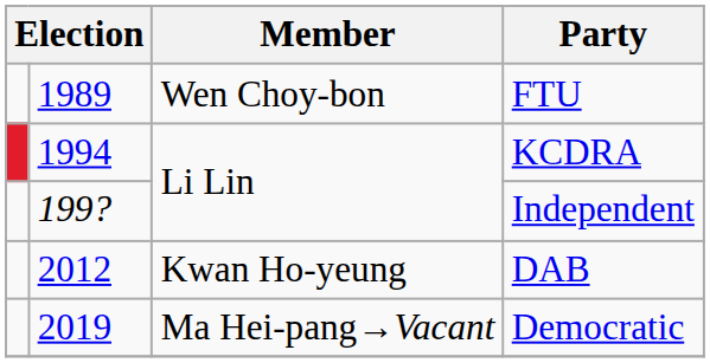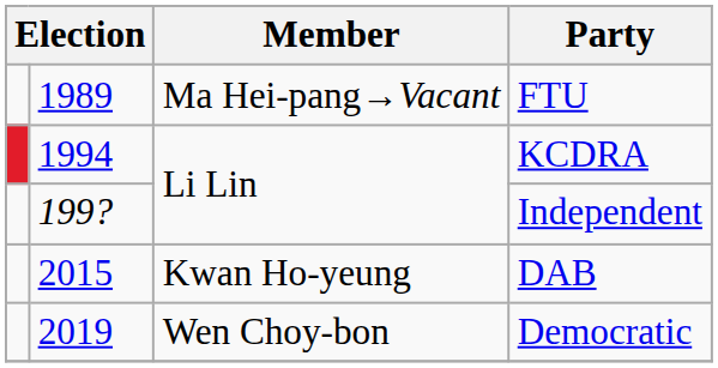 <table class="wikitable">
 <tr>
 <th colspan="2">Election</th>
 <th>Member</th>
 <th>Party</th>
 </tr>
 <tr>
 <td style="background-color:"></td>
 <td><a href='#'>1989</a></td>
-<td>Wen Choy-bon</td>
+<td>Ma Hei-pang→<em>Vacant</em></td>
 <td><a href='#'>FTU</a></td>
 </tr>
 <tr>
 <td style="background-color:#E21C2A"></td>
 <td><a href='#'>1994</a></td>
 <td rowspan=2>Li Lin</td>
 <td><a href='#'>KCDRA</a></td>
 </tr>
 <tr>
 <td style="background-color:"></td>
 <td><em>199?</em></td>
 <td><a href='#'>Independent</a></td>
 </tr>
 <tr>
 <td style="background-color:"></td>
-<td><a href='#'>2012</a></td>
+<td><a href='#'>2015</a></td>
 <td>Kwan Ho-yeung</td>
 <td><a href='#'>DAB</a></td>
 </tr>
 <tr>
 <td style="background-color:"></td>
 <td><a href='#'>2019</a></td>
-<td>Ma Hei-pang→<em>Vacant</em></td>
+<td>Wen Choy-bon</td>
 <td><a href='#'>Democratic</a></td>
 </tr>
 <tr>
 </tr>
 </table>
